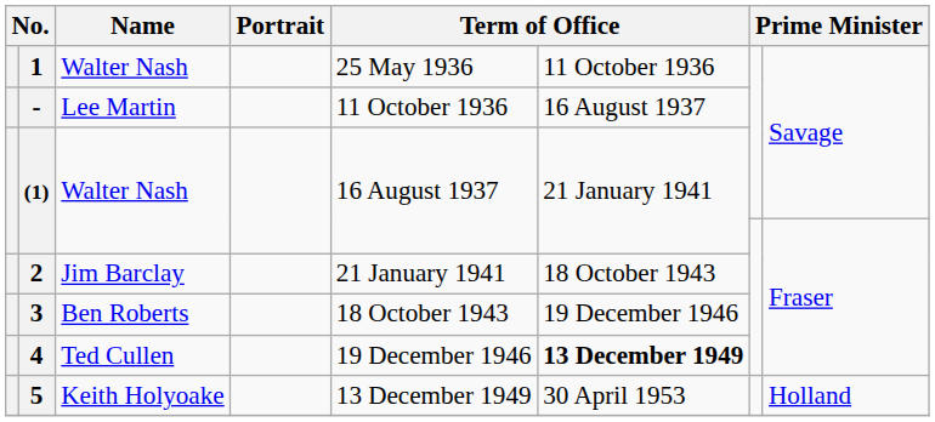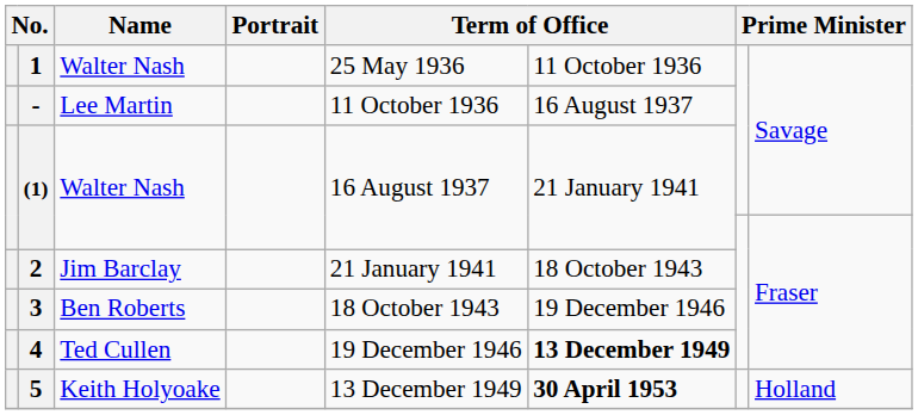 <table class="wikitable">
 <tr>
 <th colspan="2">No.</th>
 <th>Name</th>
 <th>Portrait</th>
 <th colspan="2">Term of Office</th>
 <th colspan="2">Prime Minister</th>
 </tr>
 <tr>
 <th style="color:inherit;background:"></th>
 <th>1</th>
 <td><a href='#'>Walter Nash</a></td>
 <td></td>
 <td>25 May 1936</td>
 <td>11 October 1936</td>
 <td rowspan=3 style="color:inherit;background:"></td>
 <td rowspan=3><a href='#'>Savage</a></td>
 </tr>
 <tr>
 <th style="color:inherit;background:"></th>
 <th>-</th>
 <td><a href='#'>Lee Martin</a><br></td>
 <td></td>
 <td>11 October 1936</td>
 <td>16 August 1937</td>
 </tr>
 <tr>
 <th height=50 style="border-bottom:solid 0 grey; background:"></th>
 <th rowspan=2><small>(1)</small></th>
 <td rowspan=2><a href='#'>Walter Nash</a></td>
 <td rowspan=2></td>
 <td rowspan=2>16 August 1937</td>
 <td rowspan=2>21 January 1941</td>
 </tr>
 <tr>
 <th height=15 style="border-top:solid 0 grey; background:"></th>
 <td rowspan=4 width=1 style="color:inherit;background:"></td>
 <td rowspan=4><a href='#'>Fraser</a></td>
 </tr>
 <tr>
 <th style="color:inherit;background:"></th>
 <th>2</th>
 <td><a href='#'>Jim Barclay</a></td>
 <td></td>
 <td>21 January 1941</td>
 <td>18 October 1943</td>
 </tr>
 <tr>
 <th style="color:inherit;background:"></th>
 <th>3</th>
 <td><a href='#'>Ben Roberts</a></td>
 <td></td>
 <td>18 October 1943</td>
 <td>19 December 1946</td>
 </tr>
 <tr>
 <th style="color:inherit;background:"></th>
 <th>4</th>
 <td><a href='#'>Ted Cullen</a></td>
 <td></td>
 <td>19 December 1946</td>
 <td><strong>13 December 1949</strong></td>
 </tr>
 <tr>
 <th style="color:inherit;background:"></th>
 <th>5</th>
 <td><a href='#'>Keith Holyoake</a></td>
 <td></td>
 <td>13 December 1949</td>
-<td>30 April 1953</td>
+<td><strong>30 April 1953</strong></td>
 <td style="color:inherit;background:"></td>
 <td><a href='#'>Holland</a></td>
 </tr>
 <tr>
 </tr>
 </table>
